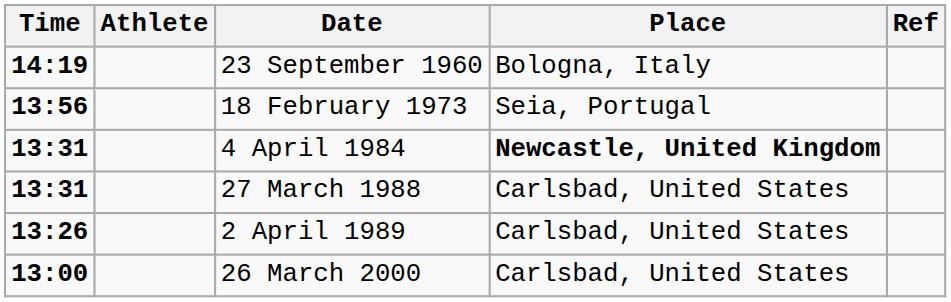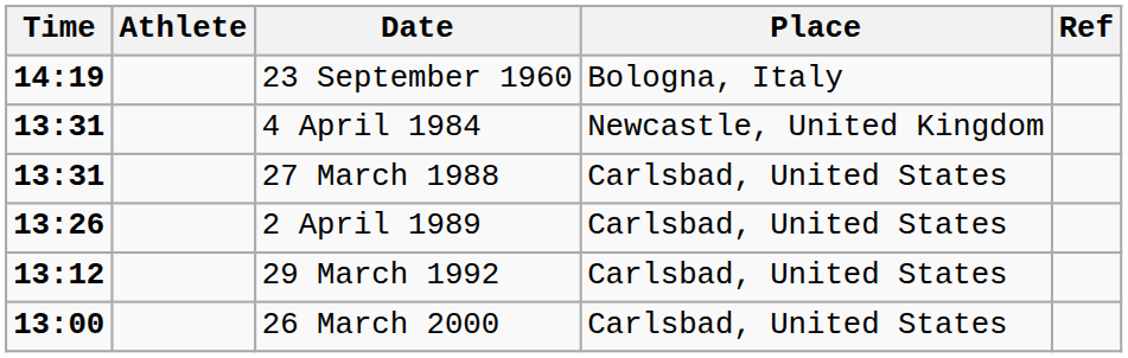 <table class="wikitable" style="font-size:95%">
 <tr>
 <th>Time</th>
 <th>Athlete</th>
 <th>Date</th>
 <th>Place</th>
 <th>Ref</th>
 </tr>
 <tr>
 <td align=center><strong>14:19</strong></td>
 <td></td>
 <td>23 September 1960</td>
 <td>Bologna, Italy</td>
 <td></td>
 </tr>
 <tr>
-<td align=center><strong>13:56</strong></td>
-<td></td>
-<td>18 February 1973</td>
-<td>Seia, Portugal</td>
-<td></td>
-</tr>
-<tr>
 <td align=center><strong>13:31</strong></td>
 <td></td>
 <td>4 April 1984</td>
-<td><strong>Newcastle, United Kingdom</strong></td>
+<td>Newcastle, United Kingdom</td>
 <td></td>
 </tr>
 <tr>
 <td align=center><strong>13:31</strong></td>
 <td></td>
 <td>27 March 1988</td>
 <td>Carlsbad, United States</td>
 <td></td>
 </tr>
 <tr>
 <td align=center><strong>13:26</strong></td>
 <td></td>
 <td>2 April 1989</td>
 <td>Carlsbad, United States</td>
 <td></td>
 </tr>
 <tr>
+<td align=center><strong>13:12</strong></td>
+<td></td>
+<td>29 March 1992</td>
+<td>Carlsbad, United States</td>
+<td></td>
+</tr>
+<tr>
 <td align=center><strong>13:00</strong></td>
 <td></td>
 <td>26 March 2000</td>
 <td>Carlsbad, United States</td>
 <td></td>
 </tr>
 </table>
